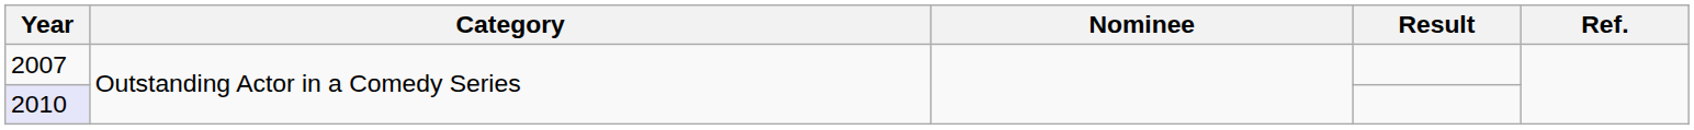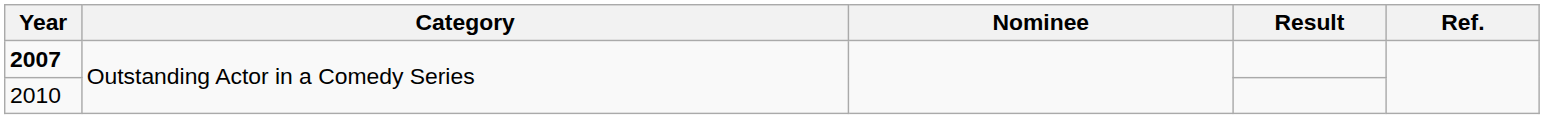 <table class="wikitable" style="width:85%;">
 <tr>
 <th style="width:5%;">Year</th>
 <th style="width:50%;">Category</th>
 <th style="width:25%;">Nominee</th>
 <th style="width:10%;">Result</th>
 <th style="width:10%;">Ref.</th>
 </tr>
 <tr>
-<td>2007</td>
+<td><strong>2007</strong></td>
 <td rowspan="2">Outstanding Actor in a Comedy Series</td>
 <td rowspan="2"></td>
 <td></td>
 <td rowspan="2"></td>
 </tr>
 <tr>
-<td style="background: lavender;">2010</td>
+<td>2010</td>
 <td></td>
 </tr>
 </table>
